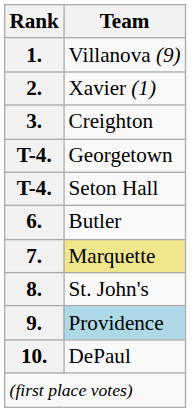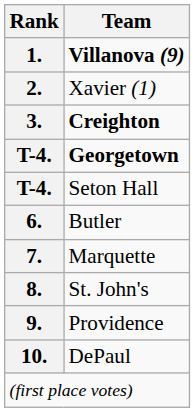 <table class=wikitable>
 <tr>
 <th>Rank</th>
 <th>Team</th>
 </tr>
 <tr>
 <th>1.</th>
-<td>Villanova <em>(9)</em></td>
+<td><strong>Villanova <em>(9)</em></strong></td>
 </tr>
 <tr>
 <th>2.</th>
 <td>Xavier <em>(1)</em></td>
 </tr>
 <tr>
 <th>3.</th>
-<td>Creighton</td>
+<td><strong>Creighton</strong></td>
 </tr>
 <tr>
 <th>T-4.</th>
-<td>Georgetown</td>
+<td><strong>Georgetown</strong></td>
 </tr>
 <tr>
 <th>T-4.</th>
 <td>Seton Hall</td>
 </tr>
 <tr>
 <th>6.</th>
 <td>Butler</td>
 </tr>
 <tr>
 <th>7.</th>
-<td style="background: khaki;">Marquette</td>
+<td>Marquette</td>
 </tr>
 <tr>
 <th>8.</th>
 <td>St. John's</td>
 </tr>
 <tr>
 <th>9.</th>
-<td style="background: lightblue;">Providence</td>
+<td>Providence</td>
 </tr>
 <tr>
 <th>10.</th>
 <td>DePaul</td>
 </tr>
 <tr>
 <td colspan=3 valign=middle><small><em>(first place votes)</em></small></td>
 </tr>
 </table>
